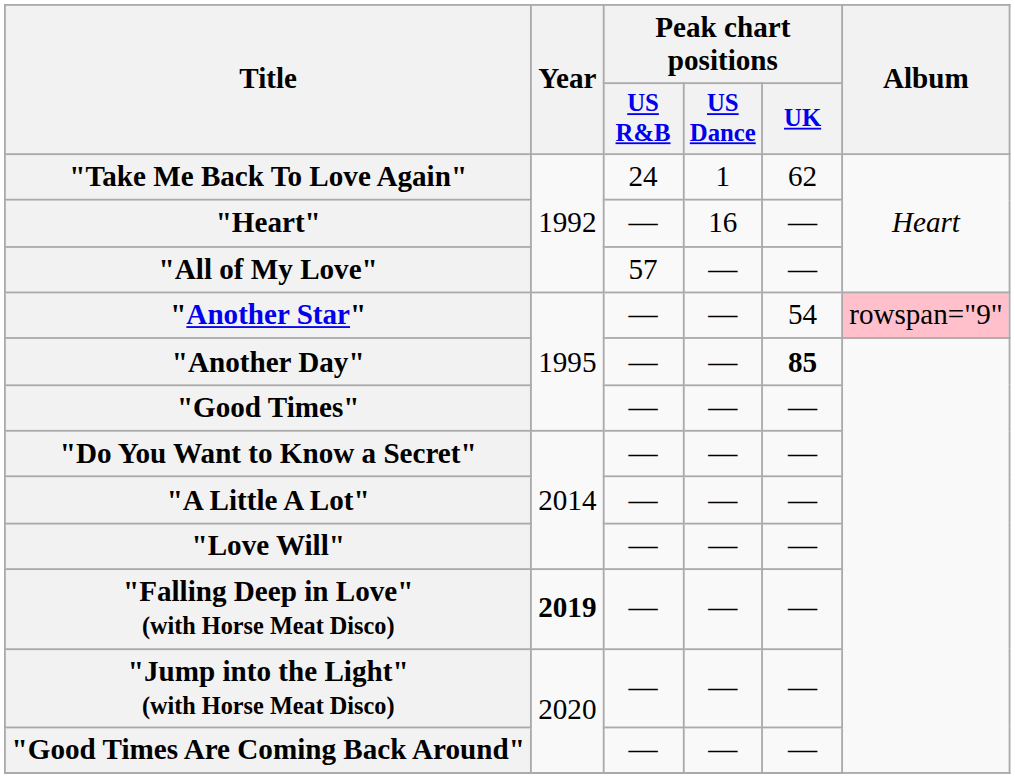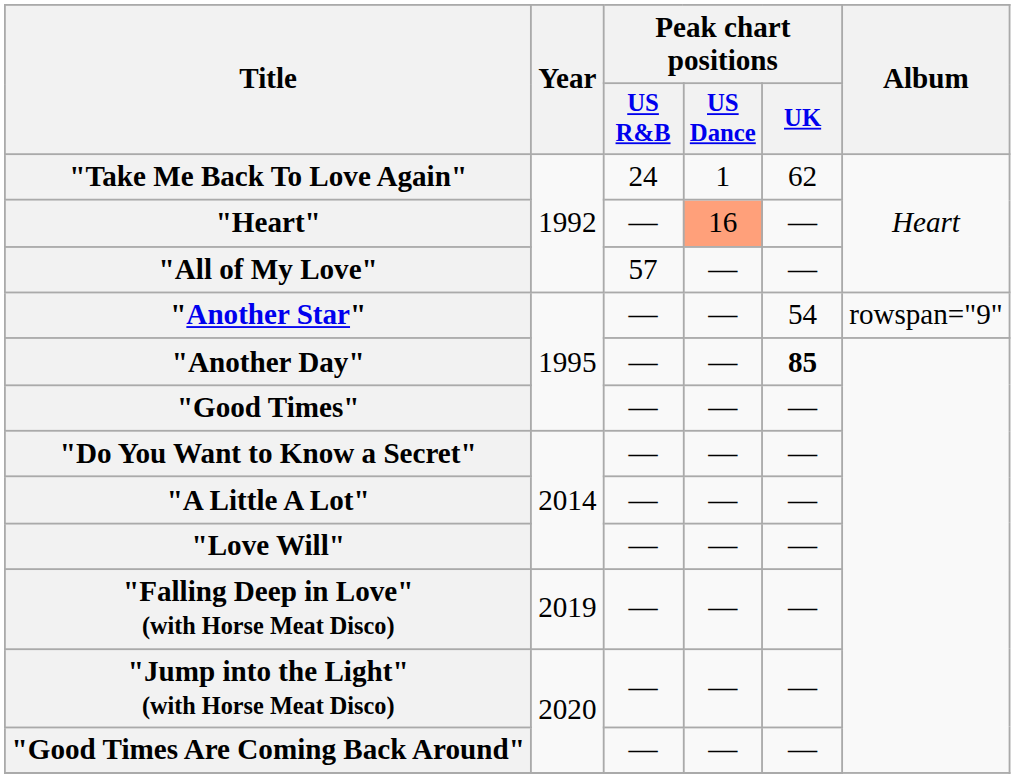 <table class="wikitable plainrowheaders" style="text-align: center;" border="1">
 <tr>
 <th rowspan="2">Title</th>
 <th rowspan="2">Year</th>
 <th colspan="3">Peak chart positions</th>
 <th rowspan="2">Album</th>
 </tr>
 <tr>
 <th scope="col" style="width:2.75em;font-size:85%;"><a href='#'>US R&B</a><br></th>
 <th scope="col" style="width:2.75em;font-size:85%;"><a href='#'>US Dance</a><br></th>
 <th scope="col" style="width:2.75em;font-size:85%;"><a href='#'>UK</a><br></th>
 </tr>
 <tr>
 <th scope="row">"Take Me Back To Love Again"</th>
 <td rowspan="3">1992</td>
 <td>24</td>
 <td>1</td>
 <td>62</td>
 <td rowspan="3"><em>Heart</em></td>
 </tr>
 <tr>
 <th scope="row">"Heart"</th>
 <td>—</td>
-<td>16</td>
+<td style="background: lightsalmon;">16</td>
 <td>—</td>
 </tr>
 <tr>
 <th scope="row">"All of My Love"</th>
 <td>57</td>
 <td>—</td>
 <td>—</td>
 </tr>
 <tr>
 <th scope="row">"<a href='#'>Another Star</a>"</th>
 <td rowspan="3">1995</td>
 <td>—</td>
 <td>—</td>
 <td>54</td>
-<td style="background: pink;">rowspan="9" </td>
+<td>rowspan="9" </td>
 </tr>
 <tr>
 <th scope="row">"Another Day"</th>
 <td>—</td>
 <td>—</td>
 <td><strong>85</strong></td>
 </tr>
 <tr>
 <th scope="row">"Good Times"</th>
 <td>—</td>
 <td>—</td>
 <td>—</td>
 </tr>
 <tr>
 <th scope="row">"Do You Want to Know a Secret"</th>
 <td rowspan="3">2014</td>
 <td>—</td>
 <td>—</td>
 <td>—</td>
 </tr>
 <tr>
 <th scope="row">"A Little A Lot"</th>
 <td>—</td>
 <td>—</td>
 <td>—</td>
 </tr>
 <tr>
 <th scope="row">"Love Will"</th>
 <td>—</td>
 <td>—</td>
 <td>—</td>
 </tr>
 <tr>
 <th scope="row">"Falling Deep in Love"<br><small>(with Horse Meat Disco)</small></th>
-<td rowspan="1"><strong>2019</strong></td>
+<td rowspan="1">2019</td>
 <td>—</td>
 <td>—</td>
 <td>—</td>
 </tr>
 <tr>
 <th scope="row">"Jump into the Light"<br><small>(with Horse Meat Disco)</small></th>
 <td rowspan="2">2020</td>
 <td>—</td>
 <td>—</td>
 <td>—</td>
 </tr>
 <tr>
 <th scope="row">"Good Times Are Coming Back Around"</th>
 <td>—</td>
 <td>—</td>
 <td>—</td>
 </tr>
 <tr>
 </tr>
 </table>
